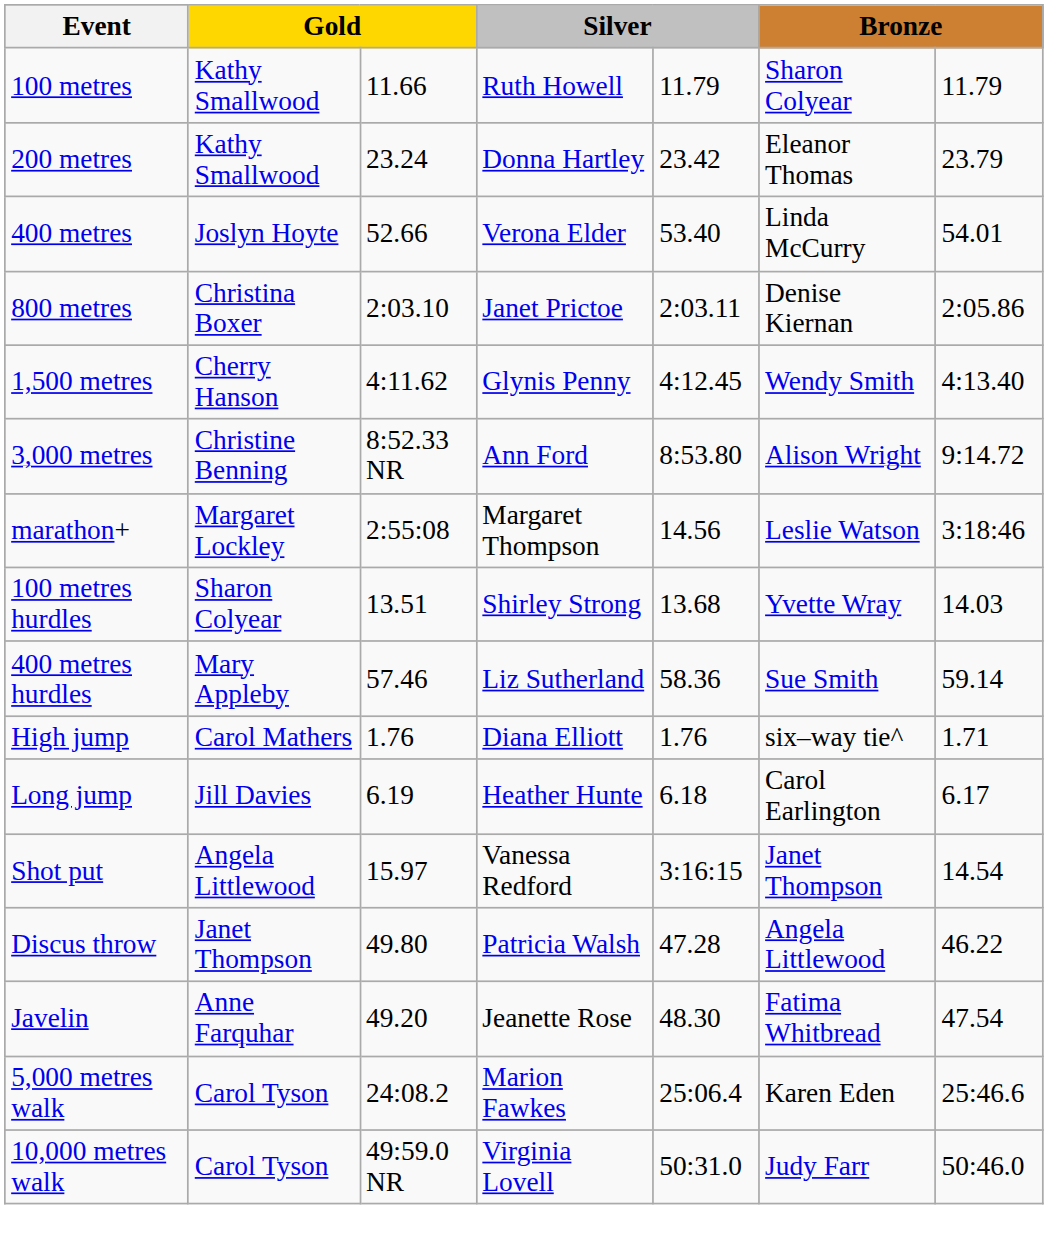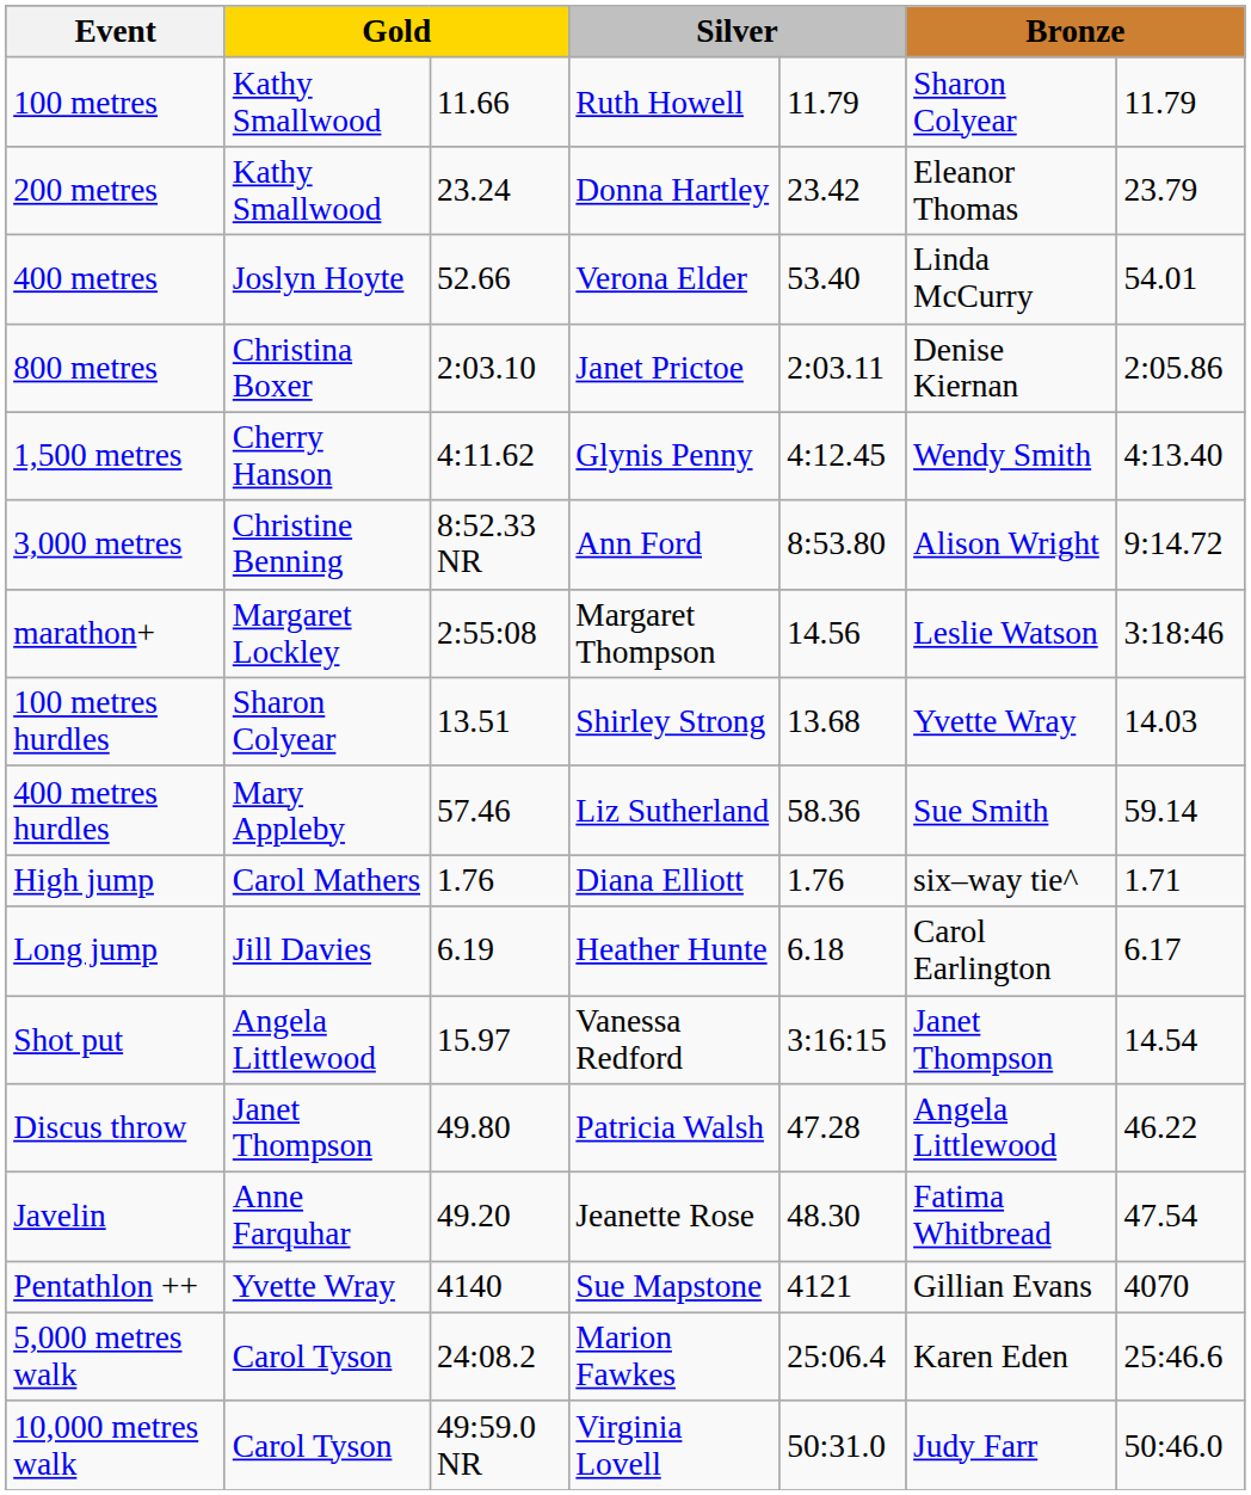 <table class="wikitable" style="text-align:left">
 <tr>
 <th width=100>Event</th>
 <th colspan="2" width="280" style="background:gold;">Gold</th>
 <th colspan="2" width="280" style="background:silver;">Silver</th>
 <th colspan="2" width="280" style="background:#CD7F32;">Bronze</th>
 </tr>
 <tr>
 <td><a href='#'>100 metres</a></td>
 <td><a href='#'>Kathy Smallwood</a></td>
 <td>11.66</td>
 <td> <a href='#'>Ruth Howell</a></td>
 <td>11.79</td>
 <td><a href='#'>Sharon Colyear</a></td>
 <td>11.79</td>
 </tr>
 <tr>
 <td><a href='#'>200 metres</a></td>
 <td><a href='#'>Kathy Smallwood</a></td>
 <td>23.24</td>
 <td><a href='#'>Donna Hartley</a></td>
 <td>23.42</td>
 <td>Eleanor Thomas</td>
 <td>23.79</td>
 </tr>
 <tr>
 <td><a href='#'>400 metres</a></td>
 <td><a href='#'>Joslyn Hoyte</a></td>
 <td>52.66</td>
 <td><a href='#'>Verona Elder</a></td>
 <td>53.40</td>
 <td>Linda McCurry</td>
 <td>54.01</td>
 </tr>
 <tr>
 <td><a href='#'>800 metres</a></td>
 <td><a href='#'>Christina Boxer</a></td>
 <td>2:03.10</td>
 <td><a href='#'>Janet Prictoe</a></td>
 <td>2:03.11</td>
 <td>Denise Kiernan</td>
 <td>2:05.86</td>
 </tr>
 <tr>
 <td><a href='#'>1,500 metres</a></td>
 <td><a href='#'>Cherry Hanson</a></td>
 <td>4:11.62</td>
 <td><a href='#'>Glynis Penny</a></td>
 <td>4:12.45</td>
 <td><a href='#'>Wendy Smith</a></td>
 <td>4:13.40</td>
 </tr>
 <tr>
 <td><a href='#'>3,000 metres</a></td>
 <td><a href='#'>Christine Benning</a></td>
 <td>8:52.33 NR</td>
 <td><a href='#'>Ann Ford</a></td>
 <td>8:53.80</td>
 <td> <a href='#'>Alison Wright</a></td>
 <td>9:14.72</td>
 </tr>
 <tr>
 <td><a href='#'>marathon</a>+</td>
 <td><a href='#'>Margaret Lockley</a></td>
 <td>2:55:08</td>
 <td>Margaret Thompson</td>
 <td>14.56</td>
 <td> <a href='#'>Leslie Watson</a></td>
 <td>3:18:46</td>
 </tr>
 <tr>
 <td><a href='#'>100 metres hurdles</a></td>
 <td><a href='#'>Sharon Colyear</a></td>
 <td>13.51</td>
 <td><a href='#'>Shirley Strong</a></td>
 <td>13.68</td>
 <td><a href='#'>Yvette Wray</a></td>
 <td>14.03</td>
 </tr>
 <tr>
 <td><a href='#'>400 metres hurdles</a></td>
 <td> <a href='#'>Mary Appleby</a></td>
 <td>57.46</td>
 <td> <a href='#'>Liz Sutherland</a></td>
 <td>58.36</td>
 <td><a href='#'>Sue Smith</a></td>
 <td>59.14</td>
 </tr>
 <tr>
 <td><a href='#'>High jump</a></td>
 <td><a href='#'>Carol Mathers</a></td>
 <td>1.76</td>
 <td><a href='#'>Diana Elliott</a></td>
 <td>1.76</td>
 <td>six–way tie^</td>
 <td>1.71</td>
 </tr>
 <tr>
 <td><a href='#'>Long jump</a></td>
 <td><a href='#'>Jill Davies</a></td>
 <td>6.19</td>
 <td><a href='#'>Heather Hunte</a></td>
 <td>6.18</td>
 <td>Carol Earlington</td>
 <td>6.17</td>
 </tr>
 <tr>
 <td><a href='#'>Shot put</a></td>
 <td><a href='#'>Angela Littlewood</a></td>
 <td>15.97</td>
 <td>Vanessa Redford</td>
 <td>3:16:15</td>
 <td><a href='#'>Janet Thompson</a></td>
 <td>14.54</td>
 </tr>
 <tr>
 <td><a href='#'>Discus throw</a></td>
 <td><a href='#'>Janet Thompson</a></td>
 <td>49.80</td>
 <td> <a href='#'>Patricia Walsh</a></td>
 <td>47.28</td>
 <td><a href='#'>Angela Littlewood</a></td>
 <td>46.22</td>
 </tr>
 <tr>
 <td><a href='#'>Javelin</a></td>
 <td><a href='#'>Anne Farquhar</a></td>
 <td>49.20</td>
 <td>Jeanette Rose</td>
 <td>48.30</td>
 <td><a href='#'>Fatima Whitbread</a></td>
 <td>47.54</td>
 </tr>
 <tr>
+<td><a href='#'>Pentathlon</a> ++</td>
+<td><a href='#'>Yvette Wray</a></td>
+<td>4140</td>
+<td><a href='#'>Sue Mapstone</a></td>
+<td>4121</td>
+<td>Gillian Evans</td>
+<td>4070</td>
+</tr>
+<tr>
 <td><a href='#'>5,000 metres walk</a></td>
 <td><a href='#'>Carol Tyson</a></td>
 <td>24:08.2</td>
 <td><a href='#'>Marion Fawkes</a></td>
 <td>25:06.4</td>
 <td>Karen Eden</td>
 <td>25:46.6</td>
 </tr>
 <tr>
 <td><a href='#'>10,000 metres walk</a></td>
 <td><a href='#'>Carol Tyson</a></td>
 <td>49:59.0 NR</td>
 <td><a href='#'>Virginia Lovell</a></td>
 <td>50:31.0</td>
 <td><a href='#'>Judy Farr</a></td>
 <td>50:46.0</td>
 </tr>
 </table>
